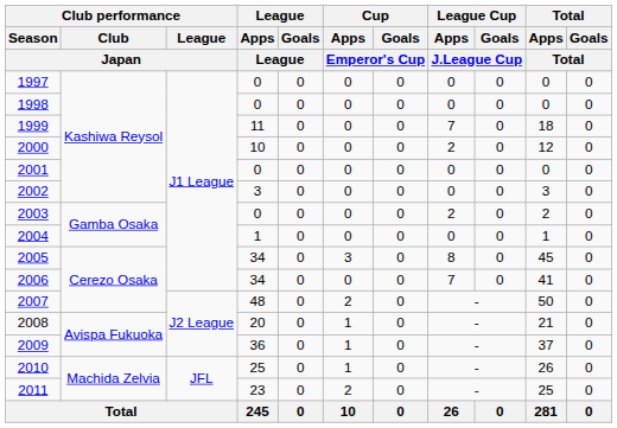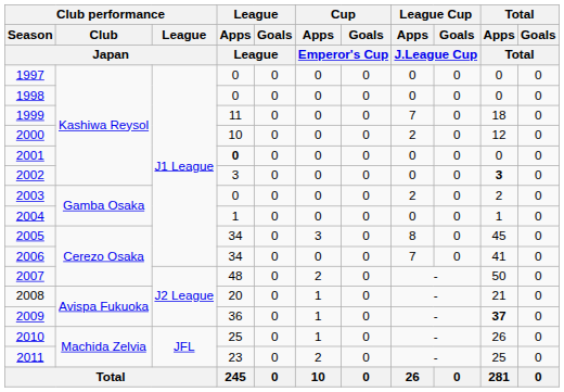 <table class="wikitable" style="text-align:center;">
 <tr>
 <th colspan=3>Club performance</th>
 <th colspan=2>League</th>
 <th colspan=2>Cup</th>
 <th colspan=2>League Cup</th>
 <th colspan=2>Total</th>
 </tr>
 <tr>
 <th>Season</th>
 <th>Club</th>
 <th>League</th>
 <th>Apps</th>
 <th>Goals</th>
 <th>Apps</th>
 <th>Goals</th>
 <th>Apps</th>
 <th>Goals</th>
 <th>Apps</th>
 <th>Goals</th>
 </tr>
 <tr>
 <th colspan=3>Japan</th>
 <th colspan=2>League</th>
 <th colspan=2><a href='#'>Emperor's Cup</a></th>
 <th colspan=2><a href='#'>J.League Cup</a></th>
 <th colspan=2>Total</th>
 </tr>
 <tr>
 <td><a href='#'>1997</a></td>
 <td rowspan="6"><a href='#'>Kashiwa Reysol</a></td>
 <td rowspan="10"><a href='#'>J1 League</a></td>
 <td>0</td>
 <td>0</td>
 <td>0</td>
 <td>0</td>
 <td>0</td>
 <td>0</td>
 <td>0</td>
 <td>0</td>
 </tr>
 <tr>
 <td><a href='#'>1998</a></td>
 <td>0</td>
 <td>0</td>
 <td>0</td>
 <td>0</td>
 <td>0</td>
 <td>0</td>
 <td>0</td>
 <td>0</td>
 </tr>
 <tr>
 <td><a href='#'>1999</a></td>
 <td>11</td>
 <td>0</td>
 <td>0</td>
 <td>0</td>
 <td>7</td>
 <td>0</td>
 <td>18</td>
 <td>0</td>
 </tr>
 <tr>
 <td><a href='#'>2000</a></td>
 <td>10</td>
 <td>0</td>
 <td>0</td>
 <td>0</td>
 <td>2</td>
 <td>0</td>
 <td>12</td>
 <td>0</td>
 </tr>
 <tr>
 <td><a href='#'>2001</a></td>
-<td>0</td>
+<td><strong>0</strong></td>
 <td>0</td>
 <td>0</td>
 <td>0</td>
 <td>0</td>
 <td>0</td>
 <td>0</td>
 <td>0</td>
 </tr>
 <tr>
 <td><a href='#'>2002</a></td>
 <td>3</td>
 <td>0</td>
 <td>0</td>
 <td>0</td>
 <td>0</td>
 <td>0</td>
-<td>3</td>
+<td><strong>3</strong></td>
 <td>0</td>
 </tr>
 <tr>
 <td><a href='#'>2003</a></td>
 <td rowspan="2"><a href='#'>Gamba Osaka</a></td>
 <td>0</td>
 <td>0</td>
 <td>0</td>
 <td>0</td>
 <td>2</td>
 <td>0</td>
 <td>2</td>
 <td>0</td>
 </tr>
 <tr>
 <td><a href='#'>2004</a></td>
 <td>1</td>
 <td>0</td>
 <td>0</td>
 <td>0</td>
 <td>0</td>
 <td>0</td>
 <td>1</td>
 <td>0</td>
 </tr>
 <tr>
 <td><a href='#'>2005</a></td>
 <td rowspan="3"><a href='#'>Cerezo Osaka</a></td>
 <td>34</td>
 <td>0</td>
 <td>3</td>
 <td>0</td>
 <td>8</td>
 <td>0</td>
 <td>45</td>
 <td>0</td>
 </tr>
 <tr>
 <td><a href='#'>2006</a></td>
 <td>34</td>
 <td>0</td>
 <td>0</td>
 <td>0</td>
 <td>7</td>
 <td>0</td>
 <td>41</td>
 <td>0</td>
 </tr>
 <tr>
 <td><a href='#'>2007</a></td>
 <td rowspan="3"><a href='#'>J2 League</a></td>
 <td>48</td>
 <td>0</td>
 <td>2</td>
 <td>0</td>
 <td colspan="2">-</td>
 <td>50</td>
 <td>0</td>
 </tr>
 <tr>
 <td>2008</td>
 <td rowspan="2"><a href='#'>Avispa Fukuoka</a></td>
 <td>20</td>
 <td>0</td>
 <td>1</td>
 <td>0</td>
 <td colspan="2">-</td>
 <td>21</td>
 <td>0</td>
 </tr>
 <tr>
 <td><a href='#'>2009</a></td>
 <td>36</td>
 <td>0</td>
 <td>1</td>
 <td>0</td>
 <td colspan="2">-</td>
-<td>37</td>
+<td><strong>37</strong></td>
 <td>0</td>
 </tr>
 <tr>
 <td><a href='#'>2010</a></td>
 <td rowspan="2"><a href='#'>Machida Zelvia</a></td>
 <td rowspan="2"><a href='#'>JFL</a></td>
 <td>25</td>
 <td>0</td>
 <td>1</td>
 <td>0</td>
 <td colspan="2">-</td>
 <td>26</td>
 <td>0</td>
 </tr>
 <tr>
 <td><a href='#'>2011</a></td>
 <td>23</td>
 <td>0</td>
 <td>2</td>
 <td>0</td>
 <td colspan="2">-</td>
 <td>25</td>
 <td>0</td>
 </tr>
 <tr>
 <th colspan=3>Total</th>
 <th>245</th>
 <th>0</th>
 <th>10</th>
 <th>0</th>
 <th>26</th>
 <th>0</th>
 <th>281</th>
 <th>0</th>
 </tr>
 </table>
